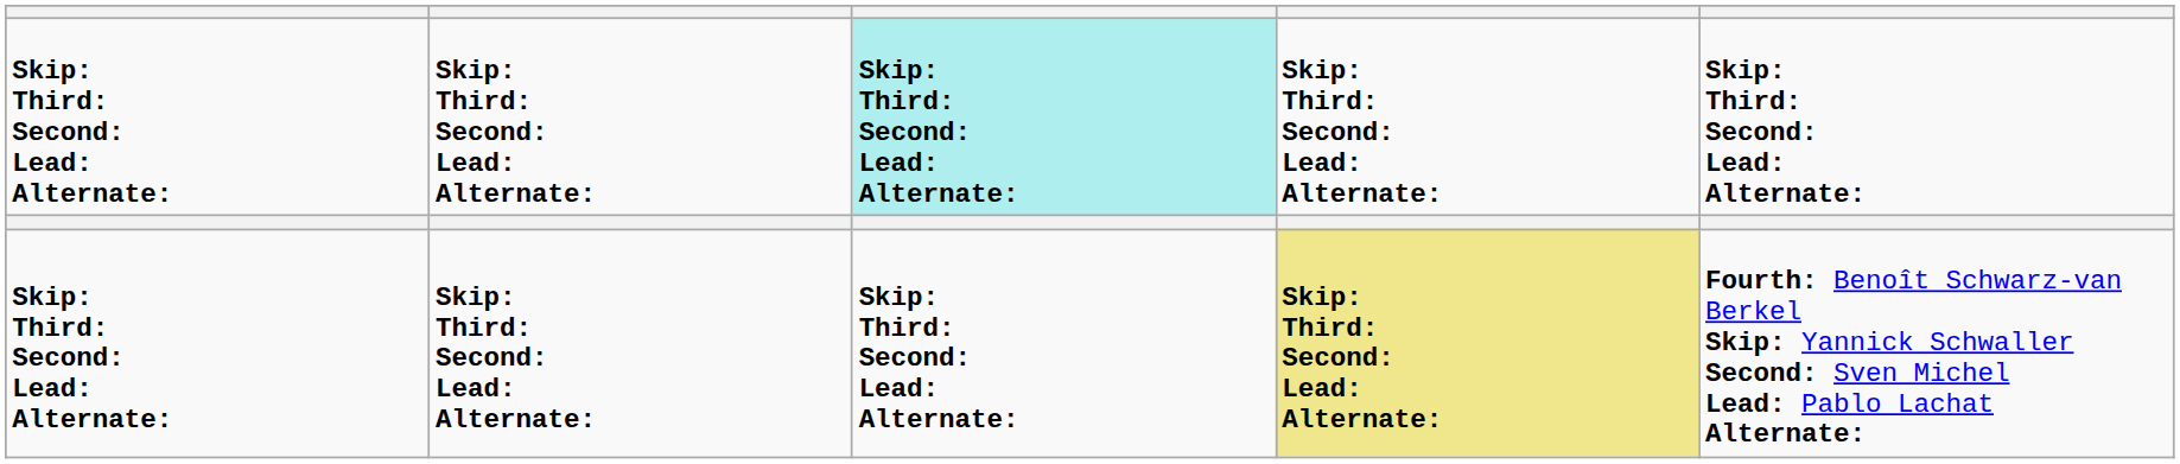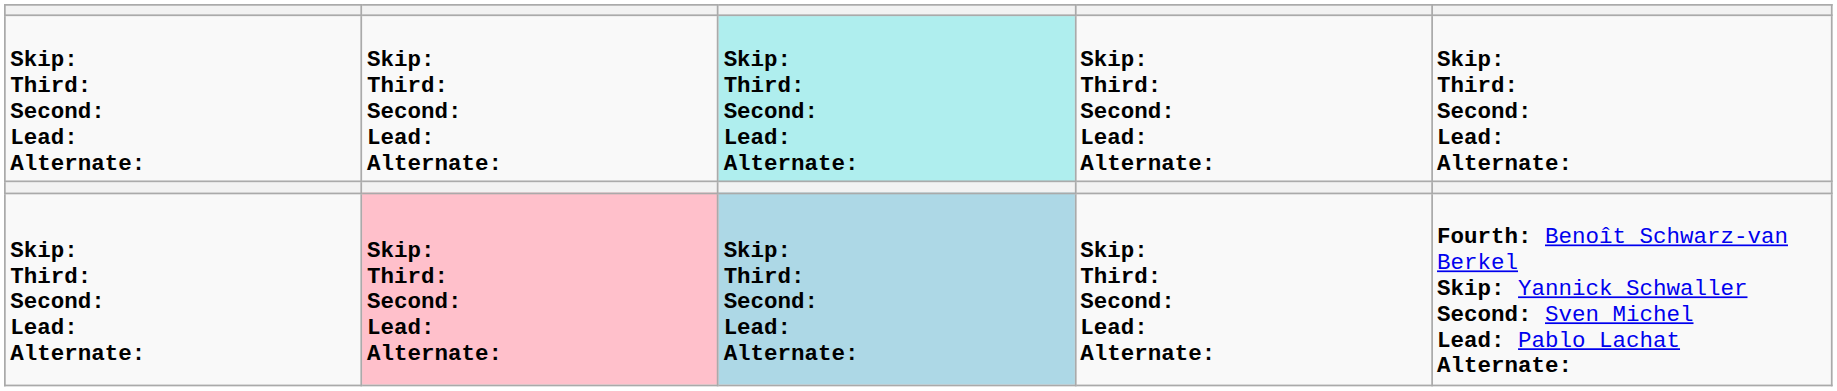 <table class="wikitable">
 <tr>
 <th width=200></th>
 <th width=200></th>
 <th width=200></th>
 <th width=200></th>
 <th width=200></th>
 </tr>
 <tr>
 <td><br><strong>Skip:</strong> <br> <strong>Third:</strong> <br> <strong>Second:</strong> <br> <strong>Lead:</strong> <br> <strong>Alternate:</strong></td>
 <td><br><strong>Skip:</strong> <br> <strong>Third:</strong> <br> <strong>Second:</strong> <br> <strong>Lead:</strong> <br> <strong>Alternate:</strong></td>
 <td style="background: paleturquoise;"><br><strong>Skip:</strong> <br> <strong>Third:</strong> <br> <strong>Second:</strong> <br> <strong>Lead:</strong> <br> <strong>Alternate:</strong></td>
 <td><br><strong>Skip:</strong> <br> <strong>Third:</strong> <br> <strong>Second:</strong> <br> <strong>Lead:</strong> <br> <strong>Alternate:</strong></td>
 <td><br><strong>Skip:</strong> <br> <strong>Third:</strong> <br> <strong>Second:</strong> <br> <strong>Lead:</strong> <br> <strong>Alternate:</strong></td>
 </tr>
 <tr>
 <th width=200></th>
 <th width=200></th>
 <th width=200></th>
 <th width=200></th>
 <th width=225></th>
 </tr>
 <tr>
 <td><br><strong>Skip:</strong> <br> <strong>Third:</strong> <br> <strong>Second:</strong> <br> <strong>Lead:</strong> <br> <strong>Alternate:</strong></td>
+<td style="background: pink;"><br><strong>Skip:</strong> <br> <strong>Third:</strong> <br> <strong>Second:</strong> <br> <strong>Lead:</strong> <br> <strong>Alternate:</strong></td>
+<td style="background: lightblue;"><br><strong>Skip:</strong> <br> <strong>Third:</strong> <br> <strong>Second:</strong> <br> <strong>Lead:</strong> <br> <strong>Alternate:</strong></td>
 <td><br><strong>Skip:</strong> <br> <strong>Third:</strong> <br> <strong>Second:</strong> <br> <strong>Lead:</strong> <br> <strong>Alternate:</strong></td>
-<td><br><strong>Skip:</strong> <br> <strong>Third:</strong> <br> <strong>Second:</strong> <br> <strong>Lead:</strong> <br> <strong>Alternate:</strong></td>
-<td style="background: khaki;"><br><strong>Skip:</strong> <br> <strong>Third:</strong> <br> <strong>Second:</strong> <br> <strong>Lead:</strong> <br> <strong>Alternate:</strong></td>
 <td><br><strong>Fourth:</strong> <a href='#'>Benoît Schwarz-van Berkel</a><br> <strong>Skip:</strong> <a href='#'>Yannick Schwaller</a><br> <strong>Second:</strong> <a href='#'>Sven Michel</a><br> <strong>Lead:</strong> <a href='#'>Pablo Lachat</a><br> <strong>Alternate:</strong></td>
 </tr>
 </table>
